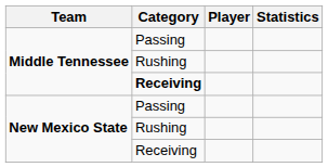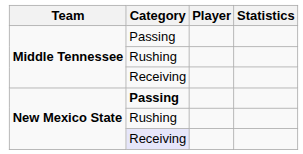 <table class="wikitable" style="float: right;">
 <tr>
 <th>Team</th>
 <th>Category</th>
 <th>Player</th>
 <th>Statistics</th>
 </tr>
 <tr>
 <td rowspan=3><strong>Middle Tennessee</strong></td>
 <td>Passing</td>
 <td></td>
 <td></td>
 </tr>
 <tr>
 <td>Rushing</td>
 <td></td>
 <td></td>
 </tr>
 <tr>
-<td><strong>Receiving</strong></td>
+<td>Receiving</td>
 <td></td>
 <td></td>
 </tr>
 <tr>
 <td rowspan=3><strong>New Mexico State</strong></td>
-<td>Passing</td>
+<td><strong>Passing</strong></td>
 <td></td>
 <td></td>
 </tr>
 <tr>
 <td>Rushing</td>
 <td></td>
 <td></td>
 </tr>
 <tr>
-<td>Receiving</td>
+<td style="background: lavender;">Receiving</td>
 <td></td>
 <td></td>
 </tr>
 </table>
